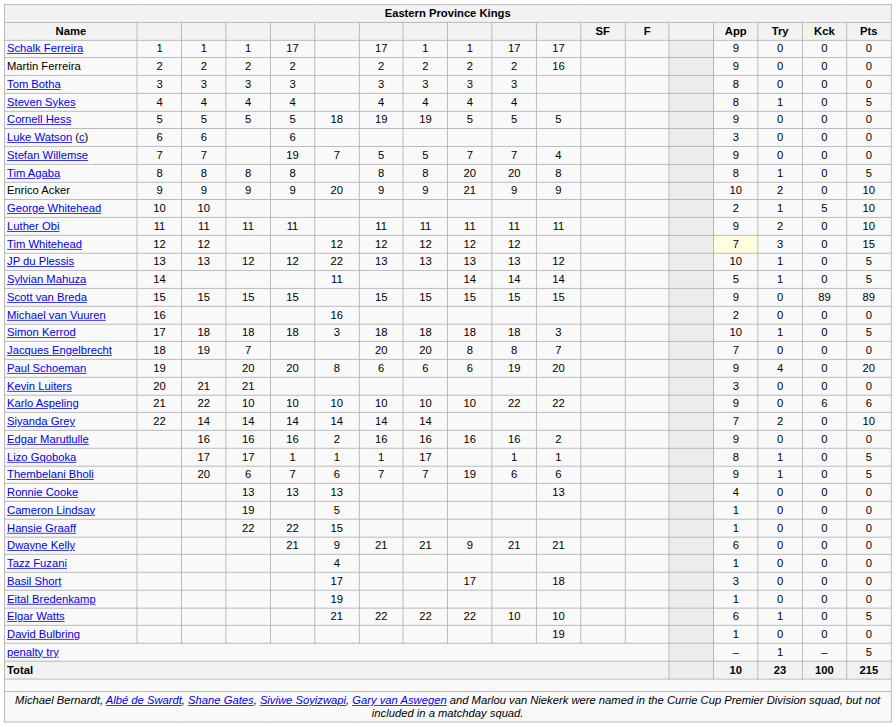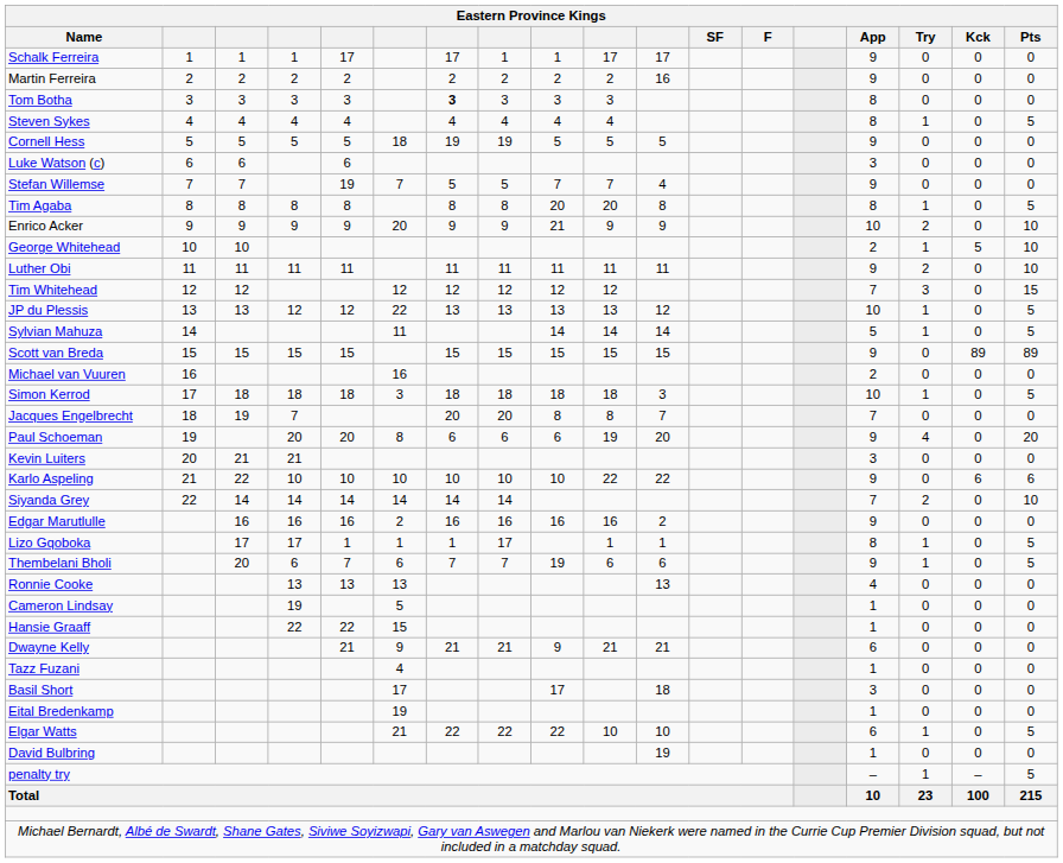 <table class="wikitable collapsible collapsed sortable" style="text-align:center; font-size:90%; width:90%">
 <tr>
 <th colspan="100%">Eastern Province Kings</th>
 </tr>
 <tr>
 <th style="width:15%;">Name</th>
 <th style="width:5%;"></th>
 <th style="width:5%;"></th>
 <th style="width:5%;"></th>
 <th style="width:5%;"></th>
 <th style="width:5%;"></th>
 <th style="width:5%;"></th>
 <th style="width:5%;"></th>
 <th style="width:5%;"></th>
 <th style="width:5%;"></th>
 <th style="width:5%;"></th>
 <th style="width:5%;">SF</th>
 <th style="width:5%;">F</th>
 <th style="width:5%;"></th>
 <th style="width:5%;">App</th>
 <th style="width:5%;">Try</th>
 <th style="width:5%;">Kck</th>
 <th style="width:5%;">Pts</th>
 </tr>
 <tr>
 <td style="text-align:left;"><a href='#'>Schalk Ferreira</a></td>
 <td>1</td>
 <td>1</td>
 <td>1</td>
 <td>17 </td>
 <td></td>
 <td>17 </td>
 <td>1</td>
 <td>1</td>
 <td>17 </td>
 <td>17 </td>
 <td></td>
 <td></td>
 <td style="background:#ECECEC;"></td>
 <td>9</td>
 <td>0</td>
 <td>0</td>
 <td>0</td>
 </tr>
 <tr>
 <td style="text-align:left;">Martin Ferreira</td>
 <td>2</td>
 <td>2</td>
 <td>2</td>
 <td>2</td>
 <td></td>
 <td>2</td>
 <td>2</td>
 <td>2</td>
 <td>2</td>
 <td>16 </td>
 <td></td>
 <td></td>
 <td style="background:#ECECEC;"></td>
 <td>9</td>
 <td>0</td>
 <td>0</td>
 <td>0</td>
 </tr>
 <tr>
 <td style="text-align:left;"><a href='#'>Tom Botha</a></td>
 <td>3</td>
 <td>3</td>
 <td>3</td>
 <td>3</td>
 <td></td>
-<td>3</td>
+<td><strong>3</strong></td>
 <td>3</td>
 <td>3</td>
 <td>3</td>
 <td></td>
 <td></td>
 <td></td>
 <td style="background:#ECECEC;"></td>
 <td>8</td>
 <td>0</td>
 <td>0</td>
 <td>0</td>
 </tr>
 <tr>
 <td style="text-align:left;"><a href='#'>Steven Sykes</a></td>
 <td>4</td>
 <td>4</td>
 <td>4</td>
 <td>4</td>
 <td></td>
 <td>4</td>
 <td>4</td>
 <td>4</td>
 <td>4</td>
 <td></td>
 <td></td>
 <td></td>
 <td style="background:#ECECEC;"></td>
 <td>8</td>
 <td>1</td>
 <td>0</td>
 <td>5</td>
 </tr>
 <tr>
 <td style="text-align:left;"><a href='#'>Cornell Hess</a></td>
 <td>5</td>
 <td>5</td>
 <td>5</td>
 <td>5</td>
 <td>18 </td>
 <td>19</td>
 <td>19 </td>
 <td>5</td>
 <td>5</td>
 <td>5</td>
 <td></td>
 <td></td>
 <td style="background:#ECECEC;"></td>
 <td>9</td>
 <td>0</td>
 <td>0</td>
 <td>0</td>
 </tr>
 <tr>
 <td style="text-align:left;"><a href='#'>Luke Watson</a> (<a href='#'>c</a>)</td>
 <td>6</td>
 <td>6</td>
 <td></td>
 <td>6</td>
 <td></td>
 <td></td>
 <td></td>
 <td></td>
 <td></td>
 <td></td>
 <td></td>
 <td></td>
 <td style="background:#ECECEC;"></td>
 <td>3</td>
 <td>0</td>
 <td>0</td>
 <td>0</td>
 </tr>
 <tr>
 <td style="text-align:left;"><a href='#'>Stefan Willemse</a></td>
 <td>7</td>
 <td>7</td>
 <td></td>
 <td>19 </td>
 <td>7</td>
 <td>5</td>
 <td>5</td>
 <td>7</td>
 <td>7</td>
 <td>4</td>
 <td></td>
 <td></td>
 <td style="background:#ECECEC;"></td>
 <td>9</td>
 <td>0</td>
 <td>0</td>
 <td>0</td>
 </tr>
 <tr>
 <td style="text-align:left;"><a href='#'>Tim Agaba</a></td>
 <td>8</td>
 <td>8</td>
 <td>8</td>
 <td>8</td>
 <td></td>
 <td>8</td>
 <td>8</td>
 <td>20</td>
 <td>20 </td>
 <td>8</td>
 <td></td>
 <td></td>
 <td style="background:#ECECEC;"></td>
 <td>8</td>
 <td>1</td>
 <td>0</td>
 <td>5</td>
 </tr>
 <tr>
 <td style="text-align:left;">Enrico Acker</td>
 <td>9</td>
 <td>9</td>
 <td>9</td>
 <td>9</td>
 <td>20 </td>
 <td>9</td>
 <td>9</td>
 <td>21 </td>
 <td>9</td>
 <td>9</td>
 <td></td>
 <td></td>
 <td style="background:#ECECEC;"></td>
 <td>10</td>
 <td>2</td>
 <td>0</td>
 <td>10</td>
 </tr>
 <tr>
 <td style="text-align:left;"><a href='#'>George Whitehead</a></td>
 <td>10</td>
 <td>10</td>
 <td></td>
 <td></td>
 <td></td>
 <td></td>
 <td></td>
 <td></td>
 <td></td>
 <td></td>
 <td></td>
 <td></td>
 <td style="background:#ECECEC;"></td>
 <td>2</td>
 <td>1</td>
 <td>5</td>
 <td>10</td>
 </tr>
 <tr>
 <td style="text-align:left;"><a href='#'>Luther Obi</a></td>
 <td>11</td>
 <td>11</td>
 <td>11</td>
 <td>11</td>
 <td></td>
 <td>11</td>
 <td>11</td>
 <td>11</td>
 <td>11</td>
 <td>11</td>
 <td></td>
 <td></td>
 <td style="background:#ECECEC;"></td>
 <td>9</td>
 <td>2</td>
 <td>0</td>
 <td>10</td>
 </tr>
 <tr>
 <td style="text-align:left;"><a href='#'>Tim Whitehead</a></td>
 <td>12</td>
 <td>12</td>
 <td></td>
 <td></td>
 <td>12</td>
 <td>12</td>
 <td>12</td>
 <td>12</td>
 <td>12</td>
 <td></td>
 <td></td>
 <td></td>
 <td style="background:#ECECEC;"></td>
-<td style="background: lightyellow;">7</td>
+<td>7</td>
 <td>3</td>
 <td>0</td>
 <td>15</td>
 </tr>
 <tr>
 <td style="text-align:left;"><a href='#'>JP du Plessis</a></td>
 <td>13</td>
 <td>13</td>
 <td>12</td>
 <td>12</td>
 <td>22 </td>
 <td>13</td>
 <td>13</td>
 <td>13</td>
 <td>13</td>
 <td>12</td>
 <td></td>
 <td></td>
 <td style="background:#ECECEC;"></td>
 <td>10</td>
 <td>1</td>
 <td>0</td>
 <td>5</td>
 </tr>
 <tr>
 <td style="text-align:left;"><a href='#'>Sylvian Mahuza</a></td>
 <td>14</td>
 <td></td>
 <td></td>
 <td></td>
 <td>11</td>
 <td></td>
 <td></td>
 <td>14</td>
 <td>14</td>
 <td>14</td>
 <td></td>
 <td></td>
 <td style="background:#ECECEC;"></td>
 <td>5</td>
 <td>1</td>
 <td>0</td>
 <td>5</td>
 </tr>
 <tr>
 <td style="text-align:left;"><a href='#'>Scott van Breda</a></td>
 <td>15</td>
 <td>15</td>
 <td>15</td>
 <td>15</td>
 <td></td>
 <td>15</td>
 <td>15</td>
 <td>15</td>
 <td>15</td>
 <td>15</td>
 <td></td>
 <td></td>
 <td style="background:#ECECEC;"></td>
 <td>9</td>
 <td>0</td>
 <td>89</td>
 <td>89</td>
 </tr>
 <tr>
 <td style="text-align:left;"><a href='#'>Michael van Vuuren</a></td>
 <td>16 </td>
 <td></td>
 <td></td>
 <td></td>
 <td>16 </td>
 <td></td>
 <td></td>
 <td></td>
 <td></td>
 <td></td>
 <td></td>
 <td></td>
 <td style="background:#ECECEC;"></td>
 <td>2</td>
 <td>0</td>
 <td>0</td>
 <td>0</td>
 </tr>
 <tr>
 <td style="text-align:left;"><a href='#'>Simon Kerrod</a></td>
 <td>17 </td>
 <td>18 </td>
 <td>18 </td>
 <td>18 </td>
 <td>3</td>
 <td>18 </td>
 <td>18 </td>
 <td>18 </td>
 <td>18 </td>
 <td>3</td>
 <td></td>
 <td></td>
 <td style="background:#ECECEC;"></td>
 <td>10</td>
 <td>1</td>
 <td>0</td>
 <td>5</td>
 </tr>
 <tr>
 <td style="text-align:left;"><a href='#'>Jacques Engelbrecht</a></td>
 <td>18 </td>
 <td>19 </td>
 <td>7</td>
 <td></td>
 <td></td>
 <td>20</td>
 <td>20 </td>
 <td>8</td>
 <td>8</td>
 <td>7</td>
 <td></td>
 <td></td>
 <td style="background:#ECECEC;"></td>
 <td>7</td>
 <td>0</td>
 <td>0</td>
 <td>0</td>
 </tr>
 <tr>
 <td style="text-align:left;"><a href='#'>Paul Schoeman</a></td>
 <td>19 </td>
 <td></td>
 <td>20 </td>
 <td>20 </td>
 <td>8</td>
 <td>6</td>
 <td>6</td>
 <td>6</td>
 <td>19 </td>
 <td>20 </td>
 <td></td>
 <td></td>
 <td style="background:#ECECEC;"></td>
 <td>9</td>
 <td>4</td>
 <td>0</td>
 <td>20</td>
 </tr>
 <tr>
 <td style="text-align:left;"><a href='#'>Kevin Luiters</a></td>
 <td>20 </td>
 <td>21 </td>
 <td>21 </td>
 <td></td>
 <td></td>
 <td></td>
 <td></td>
 <td></td>
 <td></td>
 <td></td>
 <td></td>
 <td></td>
 <td style="background:#ECECEC;"></td>
 <td>3</td>
 <td>0</td>
 <td>0</td>
 <td>0</td>
 </tr>
 <tr>
 <td style="text-align:left;"><a href='#'>Karlo Aspeling</a></td>
 <td>21 </td>
 <td>22 </td>
 <td>10</td>
 <td>10</td>
 <td>10</td>
 <td>10</td>
 <td>10</td>
 <td>10</td>
 <td>22 </td>
 <td>22</td>
 <td></td>
 <td></td>
 <td style="background:#ECECEC;"></td>
 <td>9</td>
 <td>0</td>
 <td>6</td>
 <td>6</td>
 </tr>
 <tr>
 <td style="text-align:left;"><a href='#'>Siyanda Grey</a></td>
 <td>22 </td>
 <td>14</td>
 <td>14</td>
 <td>14</td>
 <td>14</td>
 <td>14</td>
 <td>14</td>
 <td></td>
 <td></td>
 <td></td>
 <td></td>
 <td></td>
 <td style="background:#ECECEC;"></td>
 <td>7</td>
 <td>2</td>
 <td>0</td>
 <td>10</td>
 </tr>
 <tr>
 <td style="text-align:left;"><a href='#'>Edgar Marutlulle</a></td>
 <td></td>
 <td>16 </td>
 <td>16 </td>
 <td>16 </td>
 <td>2</td>
 <td>16 </td>
 <td>16 </td>
 <td>16 </td>
 <td>16 </td>
 <td>2</td>
 <td></td>
 <td></td>
 <td style="background:#ECECEC;"></td>
 <td>9</td>
 <td>0</td>
 <td>0</td>
 <td>0</td>
 </tr>
 <tr>
 <td style="text-align:left;"><a href='#'>Lizo Gqoboka</a></td>
 <td></td>
 <td>17 </td>
 <td>17 </td>
 <td>1</td>
 <td>1</td>
 <td>1</td>
 <td>17 </td>
 <td></td>
 <td>1</td>
 <td>1</td>
 <td></td>
 <td></td>
 <td style="background:#ECECEC;"></td>
 <td>8</td>
 <td>1</td>
 <td>0</td>
 <td>5</td>
 </tr>
 <tr>
 <td style="text-align:left;"><a href='#'>Thembelani Bholi</a></td>
 <td></td>
 <td>20 </td>
 <td>6</td>
 <td>7</td>
 <td>6</td>
 <td>7</td>
 <td>7</td>
 <td>19 </td>
 <td>6</td>
 <td>6</td>
 <td></td>
 <td></td>
 <td style="background:#ECECEC;"></td>
 <td>9</td>
 <td>1</td>
 <td>0</td>
 <td>5</td>
 </tr>
 <tr>
 <td style="text-align:left;"><a href='#'>Ronnie Cooke</a></td>
 <td></td>
 <td></td>
 <td>13</td>
 <td>13</td>
 <td>13</td>
 <td></td>
 <td></td>
 <td></td>
 <td></td>
 <td>13</td>
 <td></td>
 <td></td>
 <td style="background:#ECECEC;"></td>
 <td>4</td>
 <td>0</td>
 <td>0</td>
 <td>0</td>
 </tr>
 <tr>
 <td style="text-align:left;"><a href='#'>Cameron Lindsay</a></td>
 <td></td>
 <td></td>
 <td>19</td>
 <td></td>
 <td>5</td>
 <td></td>
 <td></td>
 <td></td>
 <td></td>
 <td></td>
 <td></td>
 <td></td>
 <td style="background:#ECECEC;"></td>
 <td>1</td>
 <td>0</td>
 <td>0</td>
 <td>0</td>
 </tr>
 <tr>
 <td style="text-align:left;"><a href='#'>Hansie Graaff</a></td>
 <td></td>
 <td></td>
 <td>22</td>
 <td>22</td>
 <td>15</td>
 <td></td>
 <td></td>
 <td></td>
 <td></td>
 <td></td>
 <td></td>
 <td></td>
 <td style="background:#ECECEC;"></td>
 <td>1</td>
 <td>0</td>
 <td>0</td>
 <td>0</td>
 </tr>
 <tr>
 <td style="text-align:left;"><a href='#'>Dwayne Kelly</a></td>
 <td></td>
 <td></td>
 <td></td>
 <td>21 </td>
 <td>9</td>
 <td>21</td>
 <td>21 </td>
 <td>9</td>
 <td>21 </td>
 <td>21 </td>
 <td></td>
 <td></td>
 <td style="background:#ECECEC;"></td>
 <td>6</td>
 <td>0</td>
 <td>0</td>
 <td>0</td>
 </tr>
 <tr>
 <td style="text-align:left;"><a href='#'>Tazz Fuzani</a></td>
 <td></td>
 <td></td>
 <td></td>
 <td></td>
 <td>4</td>
 <td></td>
 <td></td>
 <td></td>
 <td></td>
 <td></td>
 <td></td>
 <td></td>
 <td style="background:#ECECEC;"></td>
 <td>1</td>
 <td>0</td>
 <td>0</td>
 <td>0</td>
 </tr>
 <tr>
 <td style="text-align:left;"><a href='#'>Basil Short</a></td>
 <td></td>
 <td></td>
 <td></td>
 <td></td>
 <td>17 </td>
 <td></td>
 <td></td>
 <td>17 </td>
 <td></td>
 <td>18 </td>
 <td></td>
 <td></td>
 <td style="background:#ECECEC;"></td>
 <td>3</td>
 <td>0</td>
 <td>0</td>
 <td>0</td>
 </tr>
 <tr>
 <td style="text-align:left;"><a href='#'>Eital Bredenkamp</a></td>
 <td></td>
 <td></td>
 <td></td>
 <td></td>
 <td>19 </td>
 <td></td>
 <td></td>
 <td></td>
 <td></td>
 <td></td>
 <td></td>
 <td></td>
 <td style="background:#ECECEC;"></td>
 <td>1</td>
 <td>0</td>
 <td>0</td>
 <td>0</td>
 </tr>
 <tr>
 <td style="text-align:left;"><a href='#'>Elgar Watts</a></td>
 <td></td>
 <td></td>
 <td></td>
 <td></td>
 <td>21 </td>
 <td>22 </td>
 <td>22 </td>
 <td>22 </td>
 <td>10</td>
 <td>10</td>
 <td></td>
 <td></td>
 <td style="background:#ECECEC;"></td>
 <td>6</td>
 <td>1</td>
 <td>0</td>
 <td>5</td>
 </tr>
 <tr>
 <td style="text-align:left;"><a href='#'>David Bulbring</a></td>
 <td></td>
 <td></td>
 <td></td>
 <td></td>
 <td></td>
 <td></td>
 <td></td>
 <td></td>
 <td></td>
 <td>19 </td>
 <td></td>
 <td></td>
 <td style="background:#ECECEC;"></td>
 <td>1</td>
 <td>0</td>
 <td>0</td>
 <td>0</td>
 </tr>
 <tr>
 <td colspan="13" style="text-align:left;"><a href='#'>penalty try</a></td>
 <td style="background:#ECECEC;"></td>
 <td>–</td>
 <td>1</td>
 <td>–</td>
 <td>5</td>
 </tr>
 <tr>
 <th colspan="13" style="text-align:left;">Total</th>
 <th style="background:#ECECEC;"></th>
 <th>10</th>
 <th>23</th>
 <th>100</th>
 <th>215</th>
 </tr>
 <tr>
 <td colspan="100%" style="height: 10px;"></td>
 </tr>
 <tr>
 <td colspan="100%" style="text-align:center;"><em>Michael Bernardt, <a href='#'>Albé de Swardt</a>, <a href='#'>Shane Gates</a>, <a href='#'>Siviwe Soyizwapi</a>, <a href='#'>Gary van Aswegen</a> and Marlou van Niekerk were named in the Currie Cup Premier Division squad, but not included in a matchday squad.</em></td>
 </tr>
 </table>
